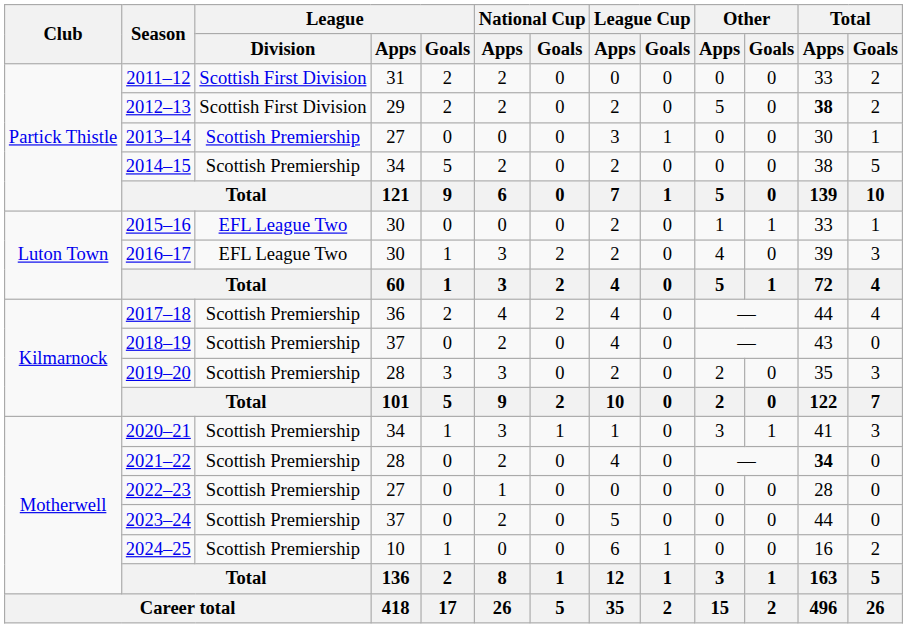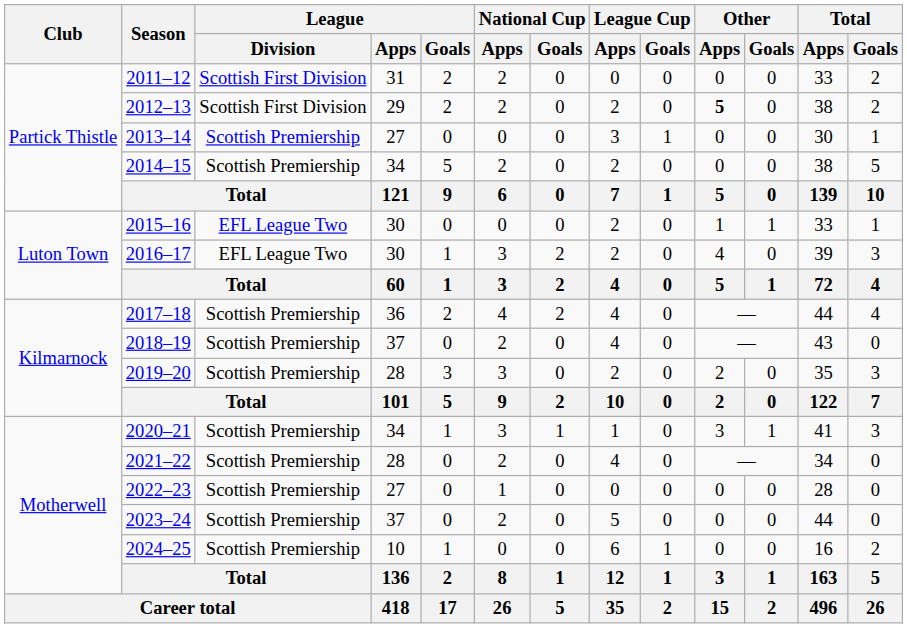 <table class=wikitable style=text-align:center>
 <tr>
 <th rowspan=2>Club</th>
 <th rowspan=2>Season</th>
 <th colspan=3>League</th>
 <th colspan=2>National Cup</th>
 <th colspan=2>League Cup</th>
 <th colspan=2>Other</th>
 <th colspan=2>Total</th>
 </tr>
 <tr>
 <th>Division</th>
 <th>Apps</th>
 <th>Goals</th>
 <th>Apps</th>
 <th>Goals</th>
 <th>Apps</th>
 <th>Goals</th>
 <th>Apps</th>
 <th>Goals</th>
 <th>Apps</th>
 <th>Goals</th>
 </tr>
 <tr>
 <td rowspan=5><a href='#'>Partick Thistle</a></td>
 <td><a href='#'>2011–12</a></td>
 <td><a href='#'>Scottish First Division</a></td>
 <td>31</td>
 <td>2</td>
 <td>2</td>
 <td>0</td>
 <td>0</td>
 <td>0</td>
 <td>0</td>
 <td>0</td>
 <td>33</td>
 <td>2</td>
 </tr>
 <tr>
 <td><a href='#'>2012–13</a></td>
 <td>Scottish First Division</td>
 <td>29</td>
 <td>2</td>
 <td>2</td>
 <td>0</td>
 <td>2</td>
 <td>0</td>
-<td>5</td>
+<td><strong>5</strong></td>
 <td>0</td>
-<td><strong>38</strong></td>
+<td>38</td>
 <td>2</td>
 </tr>
 <tr>
 <td><a href='#'>2013–14</a></td>
 <td><a href='#'>Scottish Premiership</a></td>
 <td>27</td>
 <td>0</td>
 <td>0</td>
 <td>0</td>
 <td>3</td>
 <td>1</td>
 <td>0</td>
 <td>0</td>
 <td>30</td>
 <td>1</td>
 </tr>
 <tr>
 <td><a href='#'>2014–15</a></td>
 <td>Scottish Premiership</td>
 <td>34</td>
 <td>5</td>
 <td>2</td>
 <td>0</td>
 <td>2</td>
 <td>0</td>
 <td>0</td>
 <td>0</td>
 <td>38</td>
 <td>5</td>
 </tr>
 <tr>
 <th colspan=2>Total</th>
 <th>121</th>
 <th>9</th>
 <th>6</th>
 <th>0</th>
 <th>7</th>
 <th>1</th>
 <th>5</th>
 <th>0</th>
 <th>139</th>
 <th>10</th>
 </tr>
 <tr>
 <td rowspan=3><a href='#'>Luton Town</a></td>
 <td><a href='#'>2015–16</a></td>
 <td><a href='#'>EFL League Two</a></td>
 <td>30</td>
 <td>0</td>
 <td>0</td>
 <td>0</td>
 <td>2</td>
 <td>0</td>
 <td>1</td>
 <td>1</td>
 <td>33</td>
 <td>1</td>
 </tr>
 <tr>
 <td><a href='#'>2016–17</a></td>
 <td>EFL League Two</td>
 <td>30</td>
 <td>1</td>
 <td>3</td>
 <td>2</td>
 <td>2</td>
 <td>0</td>
 <td>4</td>
 <td>0</td>
 <td>39</td>
 <td>3</td>
 </tr>
 <tr>
 <th colspan=2>Total</th>
 <th>60</th>
 <th>1</th>
 <th>3</th>
 <th>2</th>
 <th>4</th>
 <th>0</th>
 <th>5</th>
 <th>1</th>
 <th>72</th>
 <th>4</th>
 </tr>
 <tr>
 <td rowspan=4><a href='#'>Kilmarnock</a></td>
 <td><a href='#'>2017–18</a></td>
 <td>Scottish Premiership</td>
 <td>36</td>
 <td>2</td>
 <td>4</td>
 <td>2</td>
 <td>4</td>
 <td>0</td>
 <td colspan=2>—</td>
 <td>44</td>
 <td>4</td>
 </tr>
 <tr>
 <td><a href='#'>2018–19</a></td>
 <td>Scottish Premiership</td>
 <td>37</td>
 <td>0</td>
 <td>2</td>
 <td>0</td>
 <td>4</td>
 <td>0</td>
 <td colspan=2>—</td>
 <td>43</td>
 <td>0</td>
 </tr>
 <tr>
 <td><a href='#'>2019–20</a></td>
 <td>Scottish Premiership</td>
 <td>28</td>
 <td>3</td>
 <td>3</td>
 <td>0</td>
 <td>2</td>
 <td>0</td>
 <td>2</td>
 <td>0</td>
 <td>35</td>
 <td>3</td>
 </tr>
 <tr>
 <th colspan=2>Total</th>
 <th>101</th>
 <th>5</th>
 <th>9</th>
 <th>2</th>
 <th>10</th>
 <th>0</th>
 <th>2</th>
 <th>0</th>
 <th>122</th>
 <th>7</th>
 </tr>
 <tr>
 <td rowspan="6"><a href='#'>Motherwell</a></td>
 <td><a href='#'>2020–21</a></td>
 <td>Scottish Premiership</td>
 <td>34</td>
 <td>1</td>
 <td>3</td>
 <td>1</td>
 <td>1</td>
 <td>0</td>
 <td>3</td>
 <td>1</td>
 <td>41</td>
 <td>3</td>
 </tr>
 <tr>
 <td><a href='#'>2021–22</a></td>
 <td>Scottish Premiership</td>
 <td>28</td>
 <td>0</td>
 <td>2</td>
 <td>0</td>
 <td>4</td>
 <td>0</td>
 <td colspan=2>—</td>
-<td><strong>34</strong></td>
+<td>34</td>
 <td>0</td>
 </tr>
 <tr>
 <td><a href='#'>2022–23</a></td>
 <td>Scottish Premiership</td>
 <td>27</td>
 <td>0</td>
 <td>1</td>
 <td>0</td>
 <td>0</td>
 <td>0</td>
 <td>0</td>
 <td>0</td>
 <td>28</td>
 <td>0</td>
 </tr>
 <tr>
 <td><a href='#'>2023–24</a></td>
 <td>Scottish Premiership</td>
 <td>37</td>
 <td>0</td>
 <td>2</td>
 <td>0</td>
 <td>5</td>
 <td>0</td>
 <td>0</td>
 <td>0</td>
 <td>44</td>
 <td>0</td>
 </tr>
 <tr>
 <td><a href='#'>2024–25</a></td>
 <td>Scottish Premiership</td>
 <td>10</td>
 <td>1</td>
 <td>0</td>
 <td>0</td>
 <td>6</td>
 <td>1</td>
 <td>0</td>
 <td>0</td>
 <td>16</td>
 <td>2</td>
 </tr>
 <tr>
 <th colspan="2">Total</th>
 <th>136</th>
 <th>2</th>
 <th>8</th>
 <th>1</th>
 <th>12</th>
 <th>1</th>
 <th>3</th>
 <th>1</th>
 <th>163</th>
 <th>5</th>
 </tr>
 <tr>
 <th colspan="3">Career total</th>
 <th>418</th>
 <th>17</th>
 <th>26</th>
 <th>5</th>
 <th>35</th>
 <th>2</th>
 <th>15</th>
 <th>2</th>
 <th>496</th>
 <th>26</th>
 </tr>
 </table>
